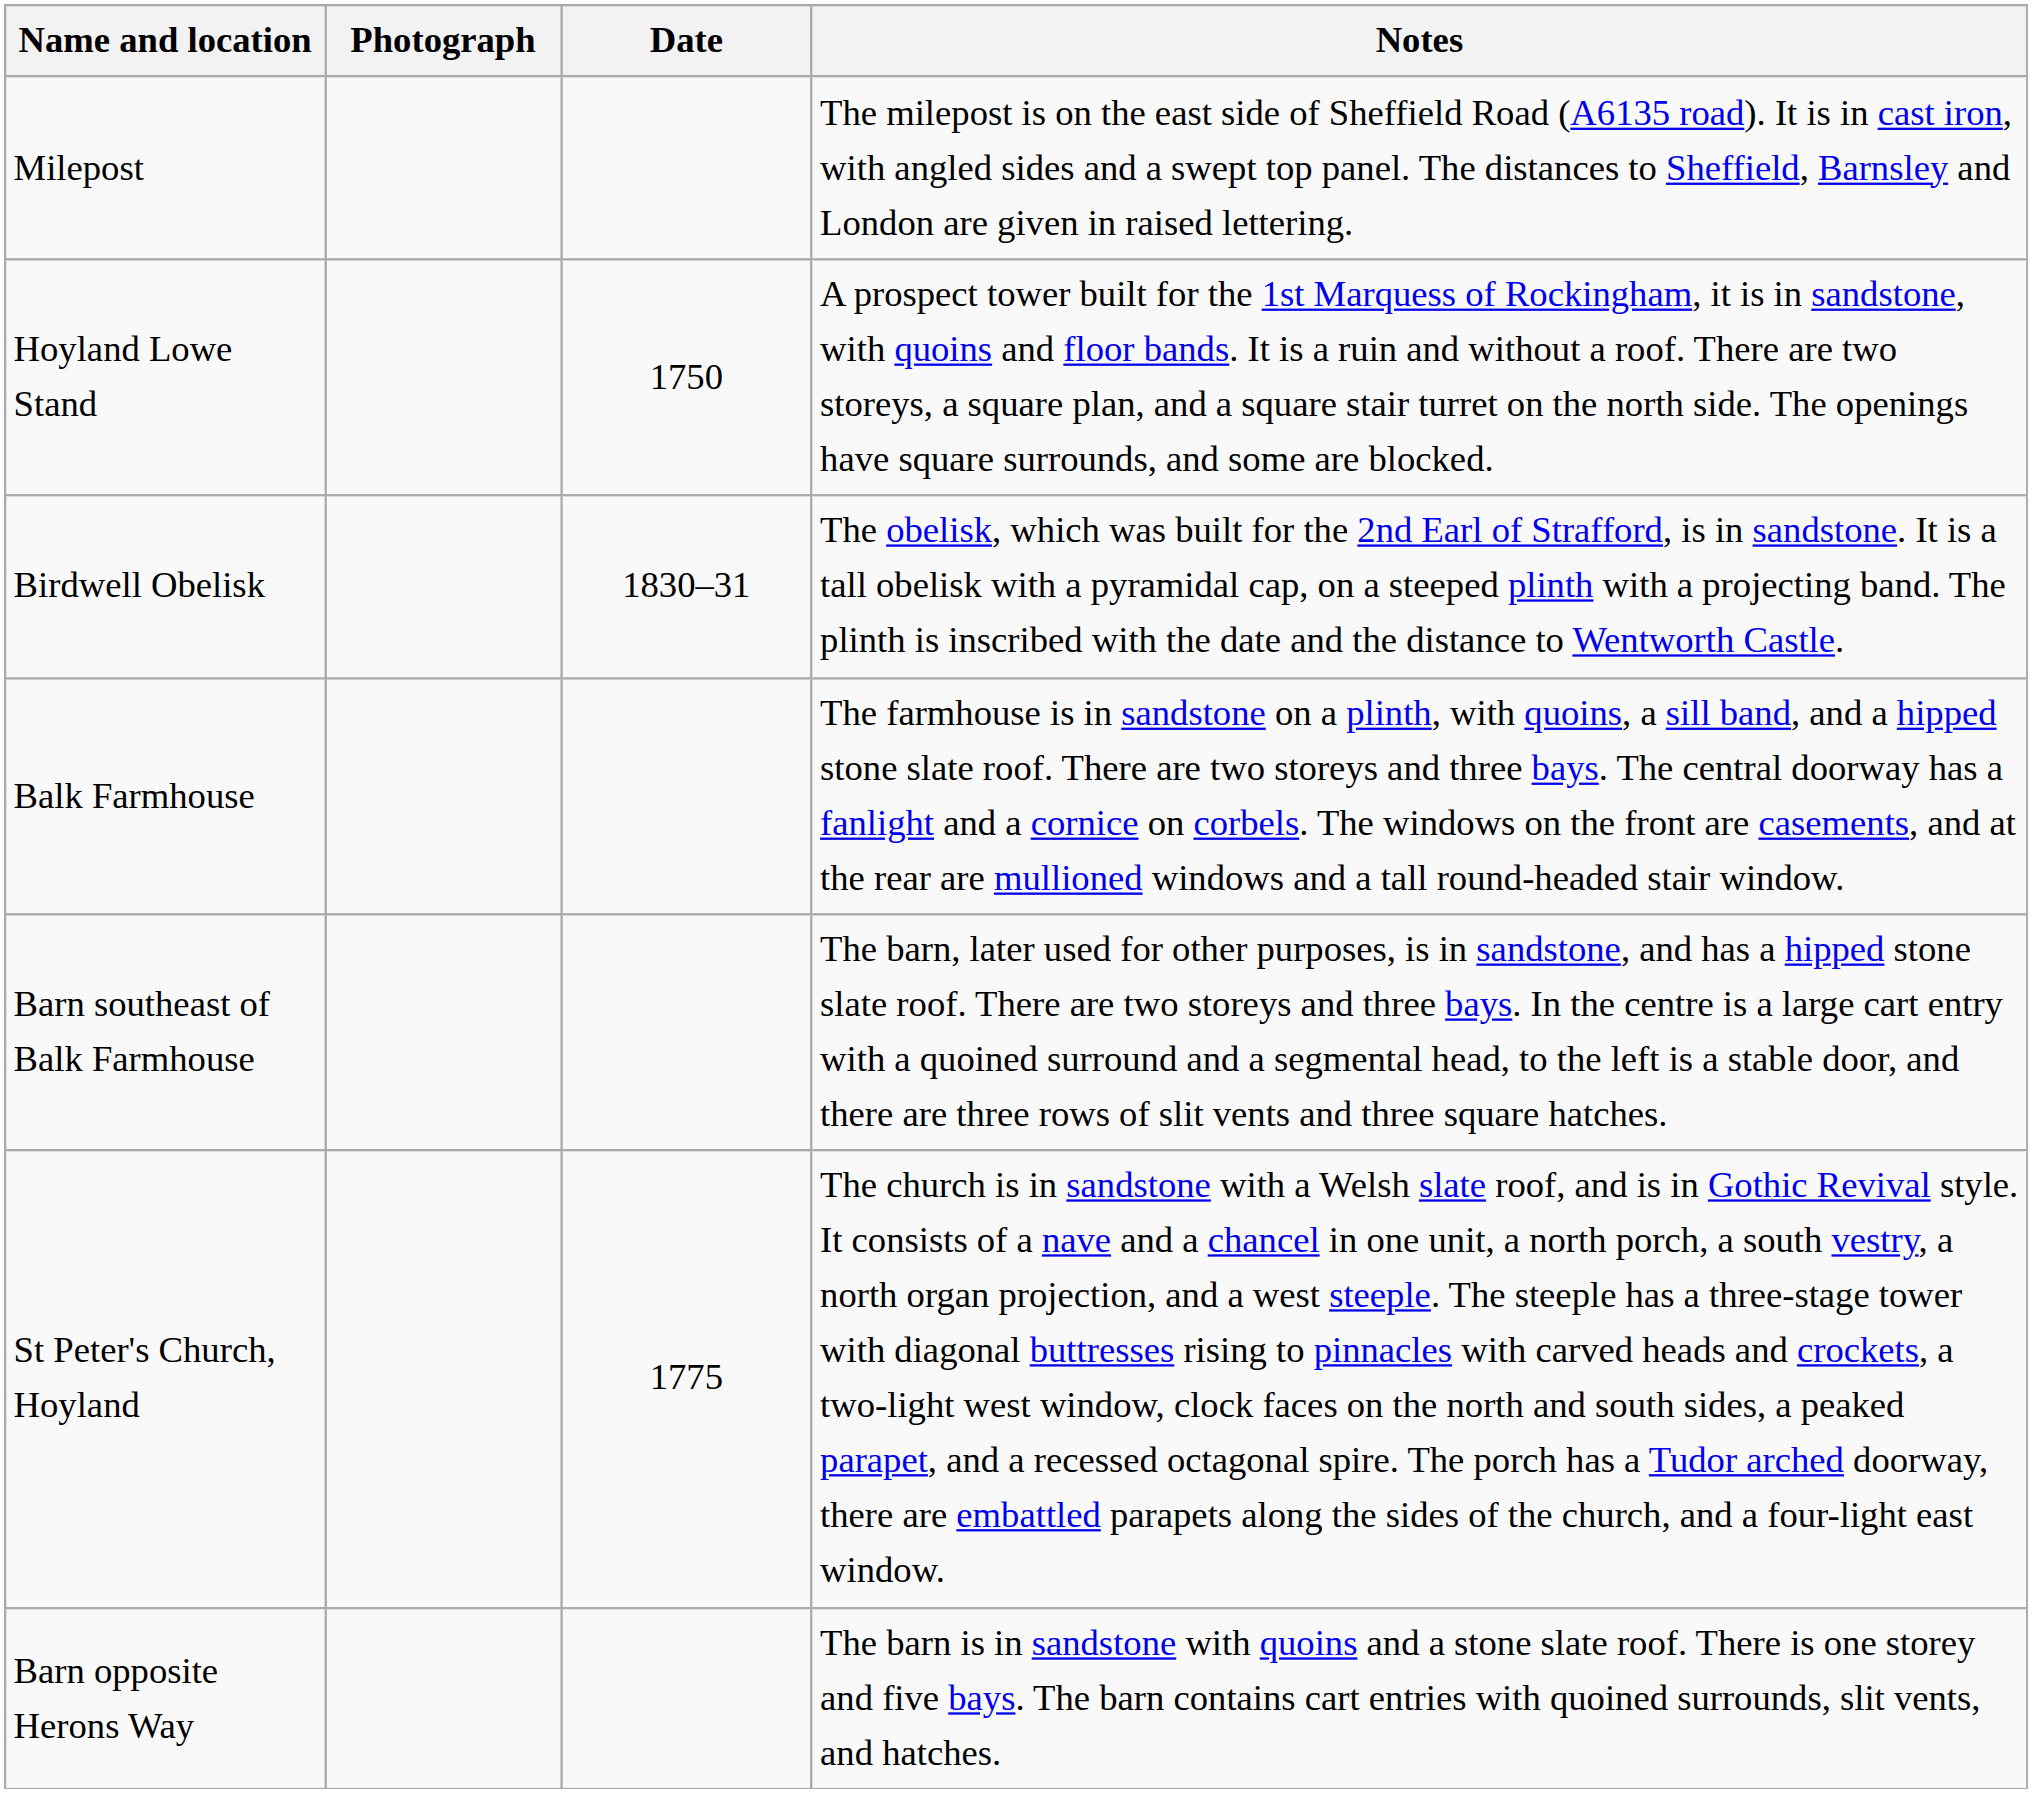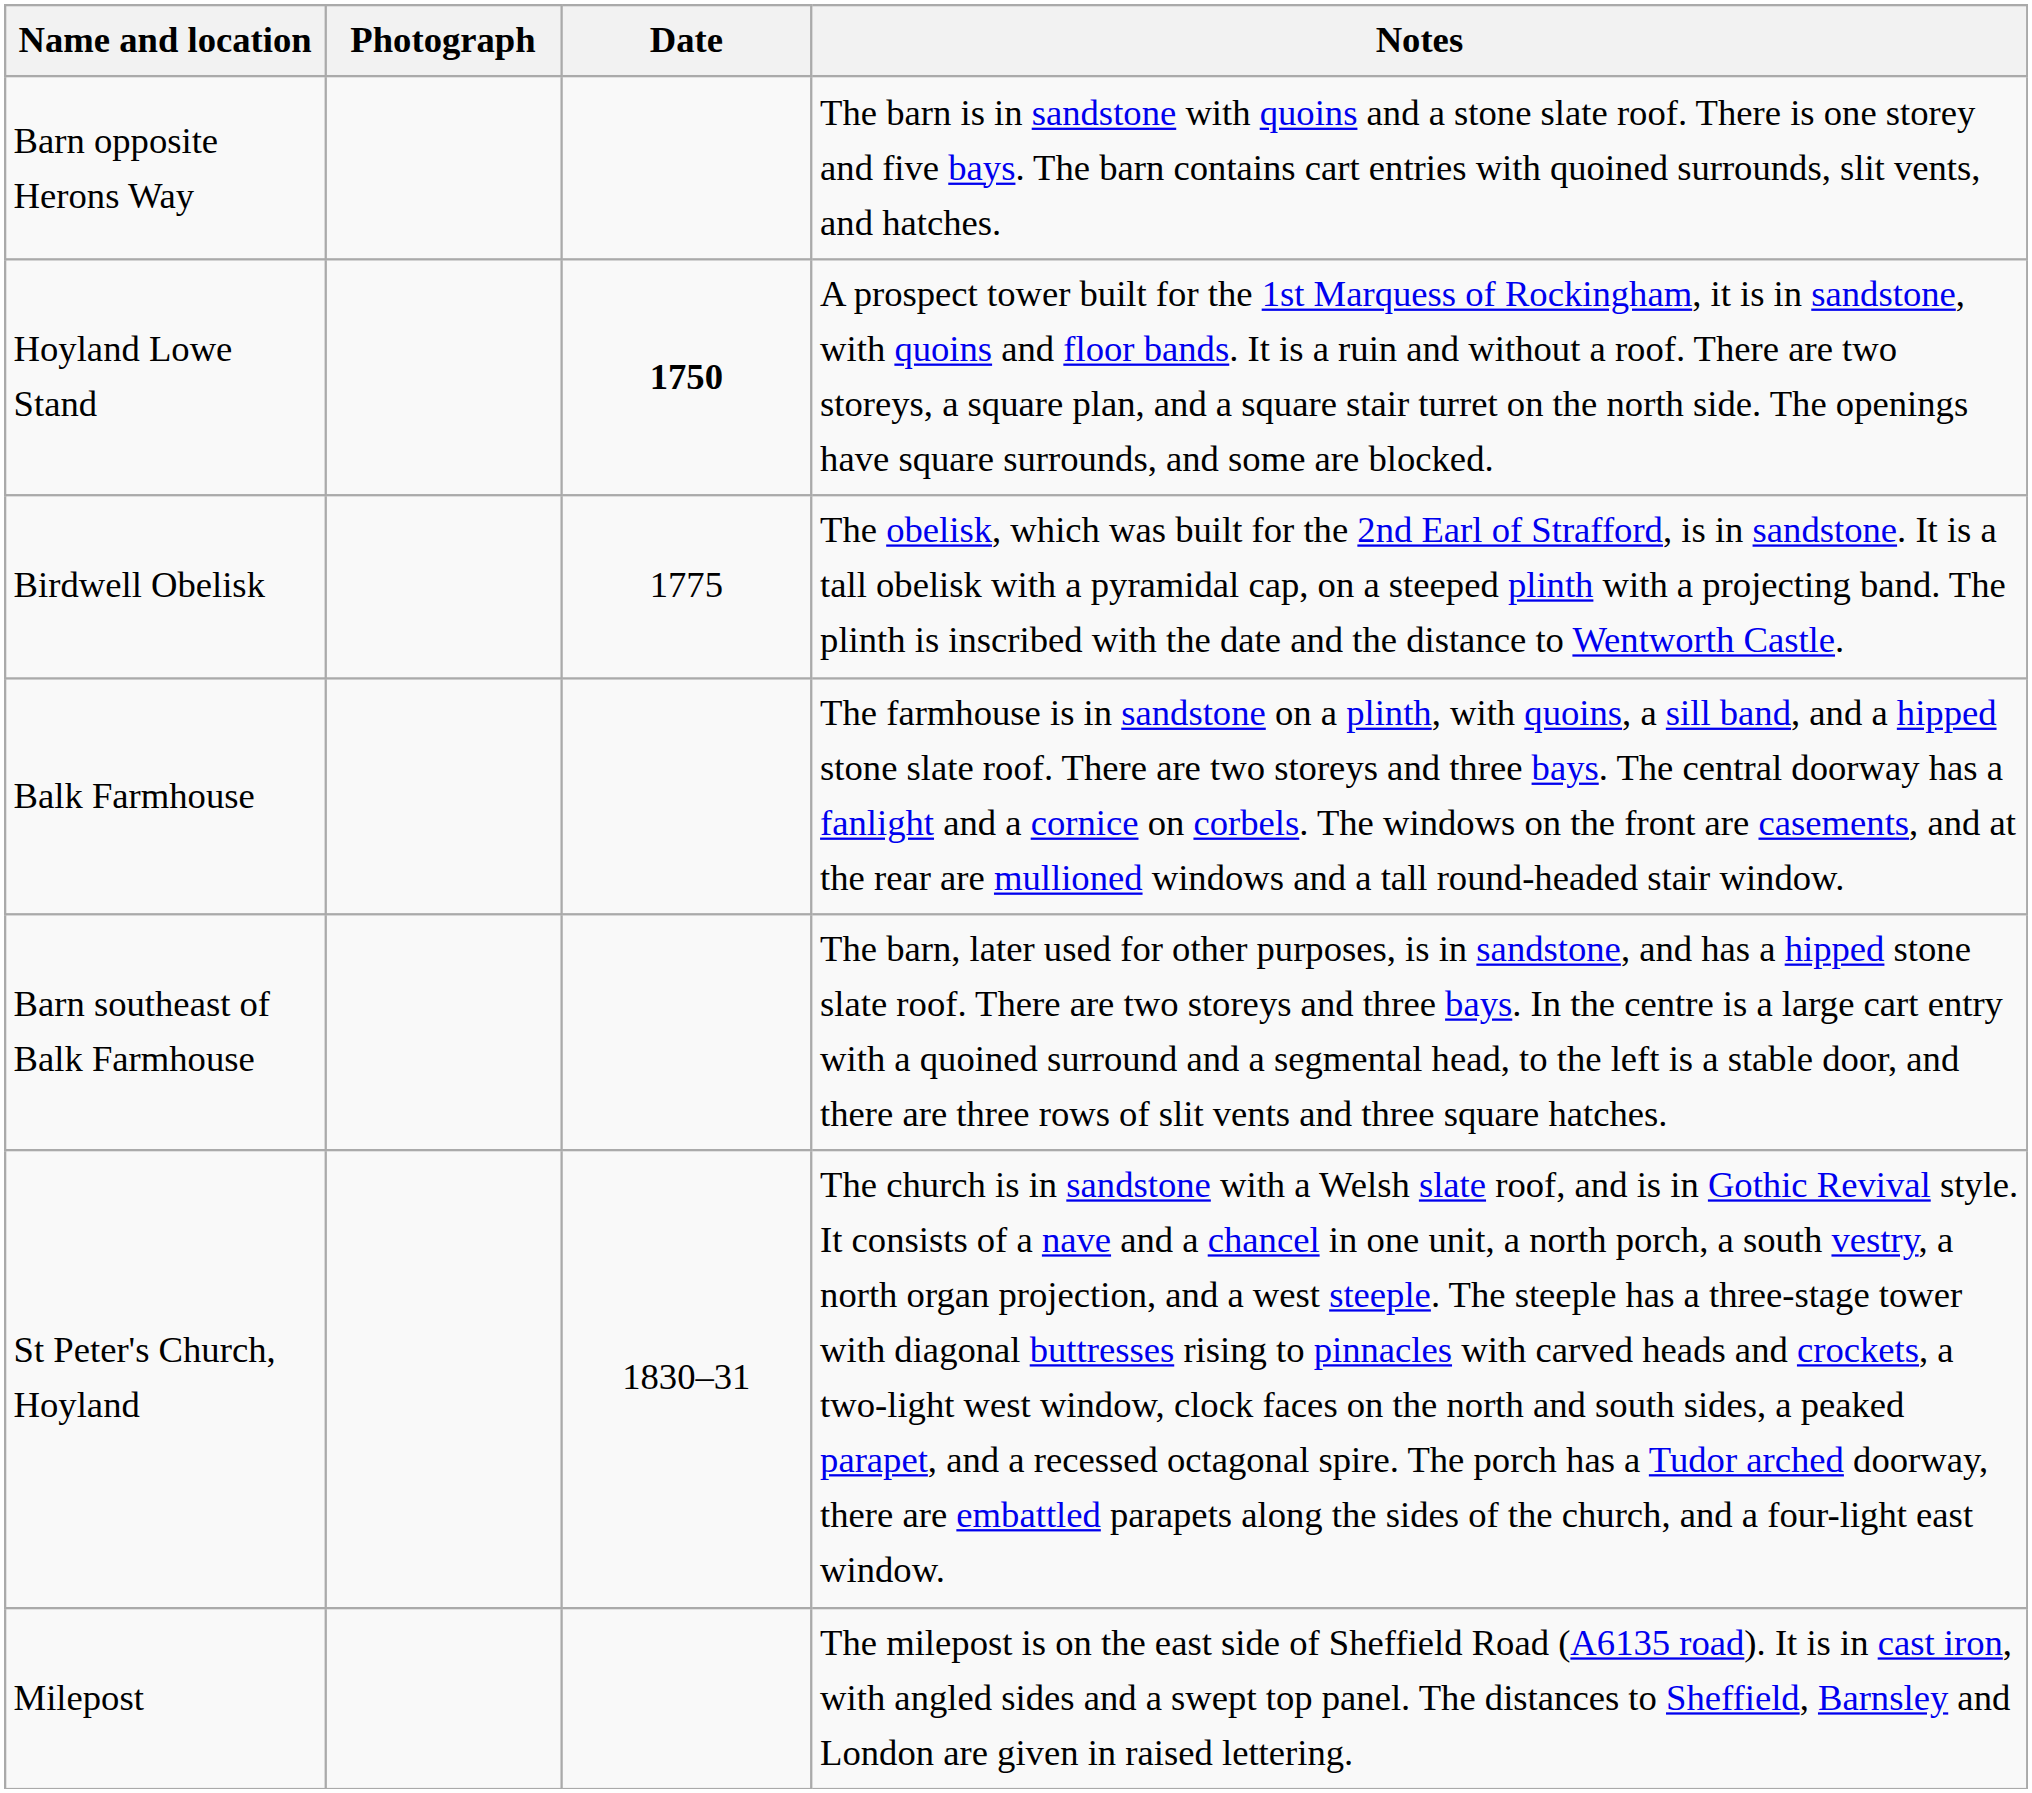 <table class="wikitable sortable plainrowheaders" style="width:100%;border:0px;text-align:left;line-height:150%;">
 <tr>
 <th scope="col"  style="width:150px">Name and location</th>
 <th scope="col"  style="width:100px" class="unsortable">Photograph</th>
 <th scope="col"  style="width:120px">Date</th>
 <th scope="col"  style="width:650px" class="unsortable">Notes</th>
 </tr>
 <tr>
-<td>Milepost<br><small></small></td>
+<td>Barn opposite Herons Way<br><small></small></td>
 <td></td>
 <td align="center"></td>
-<td>The milepost is on the east side of Sheffield Road (<a href='#'>A6135 road</a>).  It is in <a href='#'>cast iron</a>, with angled sides and a swept top panel.  The distances to <a href='#'>Sheffield</a>, <a href='#'>Barnsley</a> and London are given in raised lettering.</td>
+<td>The barn is in <a href='#'>sandstone</a> with <a href='#'>quoins</a> and a stone slate roof.  There is one storey and five <a href='#'>bays</a>.  The barn contains cart entries with quoined surrounds, slit vents, and hatches.</td>
 </tr>
 <tr>
 <td>Hoyland Lowe Stand<br><small></small></td>
 <td></td>
-<td align="center">1750</td>
+<td align="center"><strong>1750</strong></td>
 <td>A prospect tower built for the <a href='#'>1st Marquess of Rockingham</a>, it is in <a href='#'>sandstone</a>, with <a href='#'>quoins</a> and <a href='#'>floor bands</a>.  It is a ruin and without a roof.  There are two storeys, a square plan, and a square stair turret on the north side.  The openings have square surrounds, and some are blocked.</td>
 </tr>
 <tr>
 <td>Birdwell Obelisk<br><small></small></td>
 <td></td>
-<td align="center">1830–31</td>
+<td align="center">1775</td>
 <td>The <a href='#'>obelisk</a>, which was built for the <a href='#'>2nd Earl of Strafford</a>, is in <a href='#'>sandstone</a>.  It is a tall obelisk with a pyramidal cap, on a steeped <a href='#'>plinth</a> with a projecting band.  The plinth is inscribed with the date and the distance to <a href='#'>Wentworth Castle</a>.</td>
 </tr>
 <tr>
 <td>Balk Farmhouse<br><small></small></td>
 <td></td>
 <td align="center"></td>
 <td>The farmhouse is in <a href='#'>sandstone</a> on a <a href='#'>plinth</a>, with <a href='#'>quoins</a>, a <a href='#'>sill band</a>, and a <a href='#'>hipped</a> stone slate roof.  There are two storeys and three <a href='#'>bays</a>.  The central doorway has a <a href='#'>fanlight</a> and a <a href='#'>cornice</a> on <a href='#'>corbels</a>.  The windows on the front are <a href='#'>casements</a>, and at the rear are <a href='#'>mullioned</a> windows and a tall round-headed stair window.</td>
 </tr>
 <tr>
 <td>Barn southeast of Balk Farmhouse<br><small></small></td>
 <td></td>
 <td align="center"></td>
 <td>The barn, later used for other purposes, is in <a href='#'>sandstone</a>, and has a <a href='#'>hipped</a> stone slate roof.  There are two storeys and three <a href='#'>bays</a>.  In the centre is a large cart entry with a quoined surround and a segmental head, to the left is a stable door, and there are three rows of slit vents and three square hatches.</td>
 </tr>
 <tr>
 <td>St Peter's Church, Hoyland<br><small></small></td>
 <td></td>
-<td align="center">1775</td>
+<td align="center">1830–31</td>
 <td>The church is in <a href='#'>sandstone</a> with a Welsh <a href='#'>slate</a> roof, and is in <a href='#'>Gothic Revival</a> style.  It consists of a <a href='#'>nave</a> and a <a href='#'>chancel</a> in one unit, a north porch, a south <a href='#'>vestry</a>, a north organ projection, and a west <a href='#'>steeple</a>.  The steeple has a three-stage tower with diagonal <a href='#'>buttresses</a> rising to <a href='#'>pinnacles</a> with carved heads and <a href='#'>crockets</a>, a two-light west window, clock faces on the north and south sides, a peaked <a href='#'>parapet</a>, and a recessed octagonal spire.  The porch has a <a href='#'>Tudor arched</a> doorway, there are <a href='#'>embattled</a> parapets along the sides of the church, and a four-light east window.</td>
 </tr>
 <tr>
-<td>Barn opposite Herons Way<br><small></small></td>
+<td>Milepost<br><small></small></td>
 <td></td>
 <td align="center"></td>
-<td>The barn is in <a href='#'>sandstone</a> with <a href='#'>quoins</a> and a stone slate roof.  There is one storey and five <a href='#'>bays</a>.  The barn contains cart entries with quoined surrounds, slit vents, and hatches.</td>
+<td>The milepost is on the east side of Sheffield Road (<a href='#'>A6135 road</a>).  It is in <a href='#'>cast iron</a>, with angled sides and a swept top panel.  The distances to <a href='#'>Sheffield</a>, <a href='#'>Barnsley</a> and London are given in raised lettering.</td>
 </tr>
 <tr>
 </tr>
 </table>
